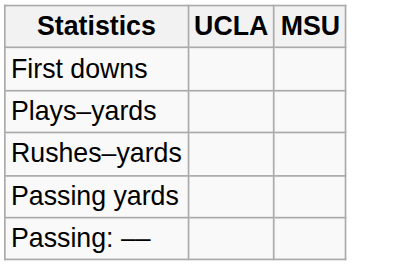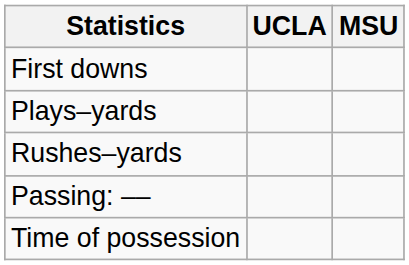 <table class="wikitable" style="float:left">
 <tr>
 <th>Statistics</th>
 <th>UCLA</th>
 <th>MSU</th>
 </tr>
 <tr>
 <td>First downs</td>
 <td></td>
 <td></td>
 </tr>
 <tr>
 <td>Plays–yards</td>
 <td></td>
 <td></td>
 </tr>
 <tr>
 <td>Rushes–yards</td>
 <td></td>
 <td></td>
 </tr>
 <tr>
-<td>Passing yards</td>
+<td>Passing: ––</td>
 <td></td>
 <td></td>
 </tr>
 <tr>
-<td>Passing: ––</td>
+<td>Time of possession</td>
 <td></td>
 <td></td>
 </tr>
 </table>
